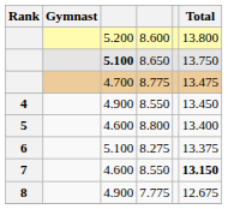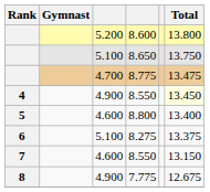 <table class="wikitable sortable" style="text-align:center; font-size:95%">
 <tr>
 <th scope=col>Rank</th>
 <th scope=col>Gymnast</th>
 <th scope=col></th>
 <th scope=col></th>
 <th scope=col></th>
 <th scope=col>Total</th>
 </tr>
 <tr bgcolor=fffcaf>
 <th scope=row></th>
 <td align=left></td>
 <td>5.200</td>
 <td>8.600</td>
 <td></td>
 <td>13.800</td>
 </tr>
 <tr bgcolor=e5e5e5>
 <th scope=row></th>
 <td align=left></td>
-<td><strong>5.100</strong></td>
+<td>5.100</td>
 <td>8.650</td>
 <td></td>
 <td>13.750</td>
 </tr>
 <tr bgcolor=eecc99>
 <th scope=row></th>
 <td align=left></td>
 <td>4.700</td>
 <td>8.775</td>
 <td></td>
 <td>13.475</td>
 </tr>
 <tr>
 <th scope=row>4</th>
 <td align=left></td>
 <td>4.900</td>
 <td>8.550</td>
 <td></td>
-<td>13.450</td>
+<td style="background: lightyellow;">13.450</td>
 </tr>
 <tr>
 <th scope=row>5</th>
 <td align=left></td>
 <td>4.600</td>
 <td>8.800</td>
 <td></td>
 <td>13.400</td>
 </tr>
 <tr>
 <th scope=row>6</th>
 <td align=left></td>
 <td>5.100</td>
 <td>8.275</td>
 <td></td>
 <td>13.375</td>
 </tr>
 <tr>
 <th scope=row>7</th>
 <td align=left></td>
 <td>4.600</td>
 <td>8.550</td>
 <td></td>
-<td><strong>13.150</strong></td>
+<td>13.150</td>
 </tr>
 <tr>
 <th scope=row>8</th>
 <td align=left></td>
 <td>4.900</td>
 <td>7.775</td>
 <td></td>
 <td>12.675</td>
 </tr>
 <tr>
 </tr>
 </table>
